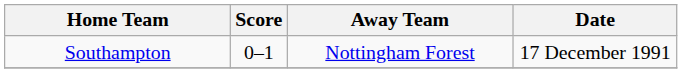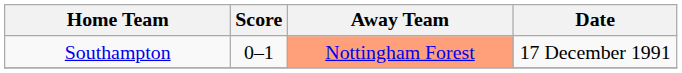 <table class="wikitable" style="text-align:center;">
 <tr>
 <th width=175>Home Team</th>
 <th width=20>Score</th>
 <th width=175>Away Team</th>
 <th width= 125>Date</th>
 </tr>
 <tr>
 <td><a href='#'>Southampton</a></td>
 <td>0–1</td>
-<td><a href='#'>Nottingham Forest</a></td>
+<td style="background: lightsalmon;"><a href='#'>Nottingham Forest</a></td>
 <td>17 December 1991</td>
 </tr>
 <tr>
 </tr>
 </table>
